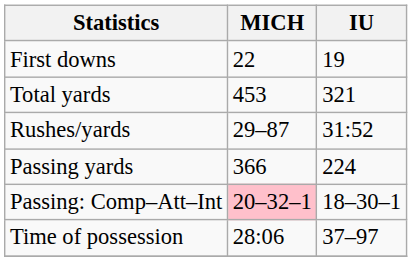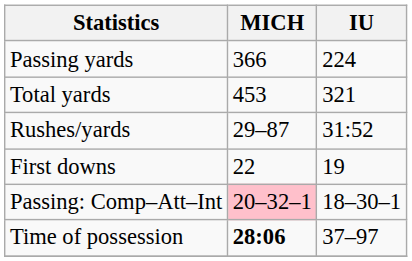 <table class="wikitable" style="float: left;">
 <tr>
 <th>Statistics</th>
 <th>MICH</th>
 <th>IU</th>
 </tr>
 <tr>
-<td>First downs</td>
-<td>22</td>
-<td>19</td>
+<td>Passing yards</td>
+<td>366</td>
+<td>224</td>
 </tr>
 <tr>
 <td>Total yards</td>
 <td>453</td>
 <td>321</td>
 </tr>
 <tr>
 <td>Rushes/yards</td>
 <td>29–87</td>
 <td>31:52</td>
 </tr>
 <tr>
-<td>Passing yards</td>
-<td>366</td>
-<td>224</td>
+<td>First downs</td>
+<td>22</td>
+<td>19</td>
 </tr>
 <tr>
 <td>Passing: Comp–Att–Int</td>
 <td style="background: pink;">20–32–1</td>
 <td>18–30–1</td>
 </tr>
 <tr>
 <td>Time of possession</td>
-<td>28:06</td>
+<td><strong>28:06</strong></td>
 <td>37–97</td>
 </tr>
 <tr>
 </tr>
 </table>
